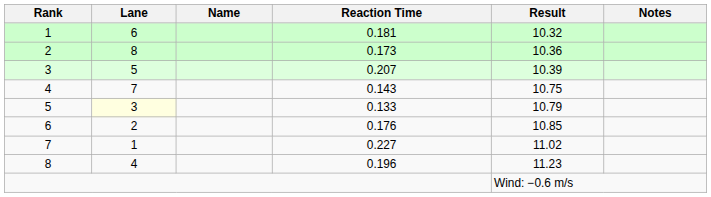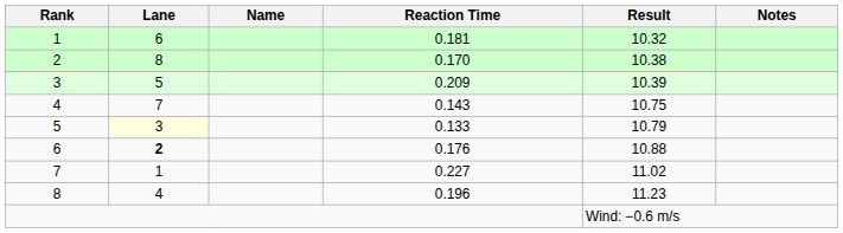 <table class="wikitable" style="text-align:center;width: 60%">
 <tr>
 <th>Rank</th>
 <th>Lane</th>
 <th>Name</th>
 <th>Reaction Time</th>
 <th>Result</th>
 <th>Notes</th>
 </tr>
 <tr bgcolor=ccffcc>
 <td>1</td>
 <td>6</td>
 <td align="left"></td>
 <td>0.181</td>
 <td>10.32</td>
 <td></td>
 </tr>
 <tr bgcolor=ccffcc>
 <td>2</td>
 <td>8</td>
 <td align="left"></td>
-<td>0.173</td>
-<td>10.36</td>
+<td>0.170</td>
+<td>10.38</td>
 <td></td>
 </tr>
 <tr bgcolor=ddffdd>
 <td>3</td>
 <td>5</td>
 <td align="left"></td>
-<td>0.207</td>
+<td>0.209</td>
 <td>10.39</td>
 <td></td>
 </tr>
 <tr>
 <td>4</td>
 <td>7</td>
 <td align="left"></td>
 <td>0.143</td>
 <td>10.75</td>
 <td></td>
 </tr>
 <tr>
 <td>5</td>
 <td style="background: lightyellow;">3</td>
 <td align="left"></td>
 <td>0.133</td>
 <td>10.79</td>
 <td></td>
 </tr>
 <tr>
 <td>6</td>
-<td>2</td>
+<td><strong>2</strong></td>
 <td align="left"></td>
 <td>0.176</td>
-<td>10.85</td>
+<td>10.88</td>
 <td></td>
 </tr>
 <tr>
 <td>7</td>
 <td>1</td>
 <td align="left"></td>
 <td>0.227</td>
 <td>11.02</td>
 <td></td>
 </tr>
 <tr>
 <td>8</td>
 <td>4</td>
 <td align="left"></td>
 <td>0.196</td>
 <td>11.23</td>
 <td></td>
 </tr>
 <tr class="sortbottom">
 <td colspan=4></td>
 <td colspan="2" style="text-align:left;">Wind: −0.6 m/s</td>
 </tr>
 </table>
